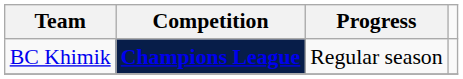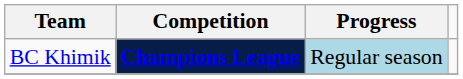 <table class="wikitable sortable">
 <tr>
 <th>Team</th>
 <th>Competition</th>
 <th>Progress</th>
 </tr>
 <tr>
 <td><a href='#'>BC Khimik</a></td>
 <td rowspan="1" style="background-color:#071D49;color:#D0D3D4;text-align:center"><strong><a href='#'><span>Champions League</span></a></strong></td>
-<td>Regular season</td>
+<td style="background: lightblue;">Regular season</td>
 <td></td>
 </tr>
 <tr>
 </tr>
 </table>
